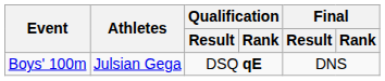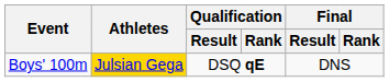 <table class="wikitable" border="1" style="font-size:90%">
 <tr>
 <th rowspan=2>Event</th>
 <th rowspan=2>Athletes</th>
 <th colspan=2>Qualification</th>
 <th colspan=2>Final</th>
 </tr>
 <tr>
 <th>Result</th>
 <th>Rank</th>
 <th>Result</th>
 <th>Rank</th>
 </tr>
 <tr>
 <td><a href='#'>Boys' 100m</a></td>
-<td><a href='#'>Julsian Gega</a></td>
+<td style="background: gold;"><a href='#'>Julsian Gega</a></td>
 <td colspan=2 align=center>DSQ <strong>qE</strong></td>
 <td colspan=2 align=center>DNS</td>
 </tr>
 </table>
